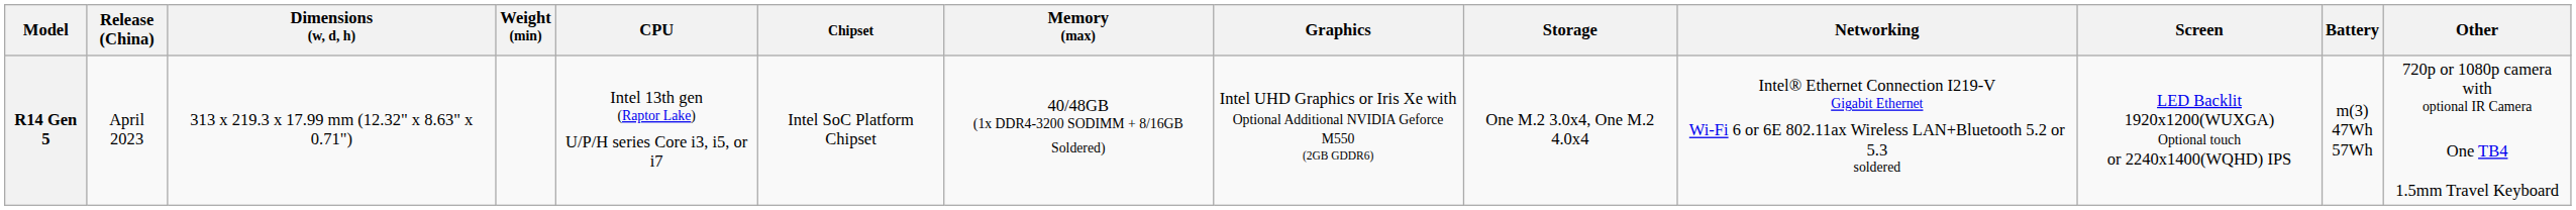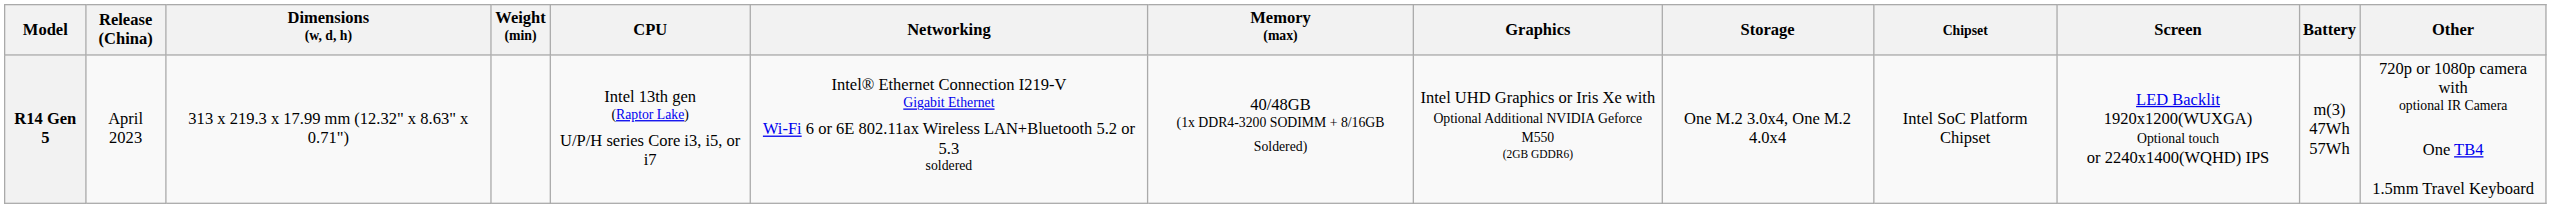 <table class="wikitable" style="font-size:80%; text-align:center">
 <tr>
 <th>Model</th>
 <th>Release<br>(China)</th>
 <th>Dimensions <br><sup>(w, d, h)</sup></th>
 <th>Weight <br><sup>(min)</sup></th>
 <th>CPU</th>
-<th><small>Chipset</small></th>
+<th>Networking</th>
 <th>Memory <br><sup>(max)</sup></th>
 <th>Graphics</th>
 <th>Storage</th>
-<th>Networking</th>
+<th><small>Chipset</small></th>
 <th>Screen</th>
 <th>Battery</th>
 <th>Other</th>
 </tr>
 <tr>
 <th>R14 Gen 5 </th>
 <td>April 2023</td>
 <td>313 x 219.3 x 17.99 mm (12.32" x 8.63" x 0.71")</td>
 <td></td>
 <td style="background:">Intel 13th gen <br><sup>(<a href='#'>Raptor Lake</a>)</sup> <br>U/P/H series Core i3, i5, or i7</td>
-<td>Intel SoC Platform Chipset</td>
+<td>Intel® Ethernet Connection I219-V <br><sup><a href='#'>Gigabit Ethernet</a></sup> <br><a href='#'>Wi-Fi</a> 6 or 6E 802.11ax Wireless LAN+Bluetooth 5.2 or 5.3<br><sup>soldered</sup></td>
 <td style="background:">40/48GB <br><sup>(1x DDR4-3200 SODIMM + 8/16GB Soldered)</sup></td>
 <td style="background:">Intel UHD Graphics or Iris Xe with <br><small>Optional Additional NVIDIA Geforce M550 <br><sup>(2GB GDDR6)</sup></small></td>
 <td style="background:">One M.2 3.0x4, One M.2 4.0x4</td>
-<td>Intel® Ethernet Connection I219-V <br><sup><a href='#'>Gigabit Ethernet</a></sup> <br><a href='#'>Wi-Fi</a> 6 or 6E 802.11ax Wireless LAN+Bluetooth 5.2 or 5.3<br><sup>soldered</sup></td>
+<td>Intel SoC Platform Chipset</td>
 <td style="background:"><a href='#'>LED Backlit</a> 1920x1200(WUXGA) <br><small>Optional touch</small> <br>or 2240x1400(WQHD) IPS</td>
 <td style="background:">m(3) <br>47Wh<br>57Wh</td>
 <td>720p or 1080p camera with <br><sup>optional IR Camera</sup> <br><br>One <a href='#'>TB4</a> <br><br>1.5mm Travel Keyboard</td>
 </tr>
 </table>
